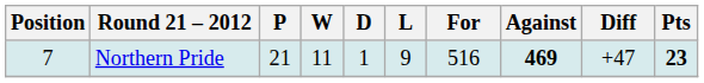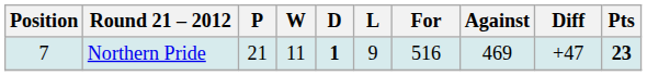 <table class="wikitable" style="text-align:center; font-size:85%;">
 <tr>
 <th width=40 abbr="Position">Position</th>
 <th width=100>Round 21 – 2012</th>
 <th width=20 abbr="Played">P</th>
 <th width=20 abbr="Won">W</th>
 <th width=20 abbr="Drawn">D</th>
 <th width=20 abbr="Lost">L</th>
 <th width=40 abbr="Points for">For</th>
 <th width=40 abbr="Points against">Against</th>
 <th width=40 abbr="Points difference">Diff</th>
 <th width=20 abbr="Points">Pts</th>
 </tr>
 <tr style="background: #d7ebed;">
 <td>7</td>
 <td style="text-align:left;"> <a href='#'>Northern Pride</a></td>
 <td>21</td>
 <td>11</td>
-<td>1</td>
+<td><strong>1</strong></td>
 <td>9</td>
 <td>516</td>
-<td><strong>469</strong></td>
+<td>469</td>
 <td>+47</td>
 <td><strong>23</strong></td>
 </tr>
 <tr>
 </tr>
 </table>
